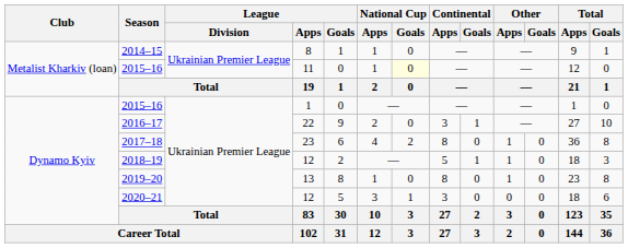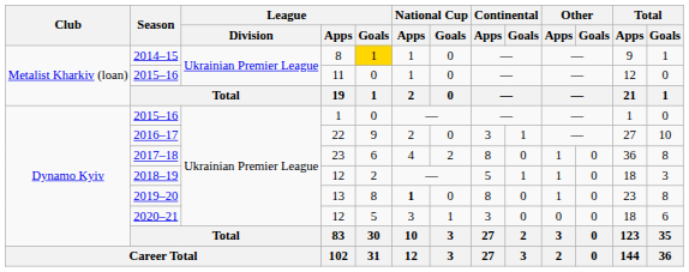 <table class="wikitable" style="text-align: center">
 <tr>
 <th rowspan="2">Club</th>
 <th rowspan="2">Season</th>
 <th colspan="3">League</th>
 <th colspan="2">National Cup</th>
 <th colspan="2">Continental</th>
 <th colspan="2">Other</th>
 <th colspan="2">Total</th>
 </tr>
 <tr>
 <th>Division</th>
 <th>Apps</th>
 <th>Goals</th>
 <th>Apps</th>
 <th>Goals</th>
 <th>Apps</th>
 <th>Goals</th>
 <th>Apps</th>
 <th>Goals</th>
 <th>Apps</th>
 <th>Goals</th>
 </tr>
 <tr>
 <td rowspan="3"><a href='#'>Metalist Kharkiv</a> (loan)</td>
 <td><a href='#'>2014–15</a></td>
 <td rowspan="2"><a href='#'>Ukrainian Premier League</a></td>
 <td>8</td>
-<td>1</td>
+<td style="background: gold;">1</td>
 <td>1</td>
 <td>0</td>
 <td colspan="2">—</td>
 <td colspan="2">—</td>
 <td>9</td>
 <td>1</td>
 </tr>
 <tr>
 <td><a href='#'>2015–16</a></td>
 <td>11</td>
 <td>0</td>
 <td>1</td>
-<td style="background: lightyellow;">0</td>
+<td>0</td>
 <td colspan="2">—</td>
 <td colspan="2">—</td>
 <td>12</td>
 <td>0</td>
 </tr>
 <tr>
 <th colspan="2">Total</th>
 <th>19</th>
 <th>1</th>
 <th>2</th>
 <th>0</th>
 <th colspan="2">—</th>
 <th colspan="2">—</th>
 <th>21</th>
 <th>1</th>
 </tr>
 <tr>
 <td rowspan="7"><a href='#'>Dynamo Kyiv</a></td>
 <td><a href='#'>2015–16</a></td>
 <td rowspan="6">Ukrainian Premier League</td>
 <td>1</td>
 <td>0</td>
 <td colspan="2">—</td>
 <td colspan="2">—</td>
 <td colspan="2">—</td>
 <td>1</td>
 <td>0</td>
 </tr>
 <tr>
 <td><a href='#'>2016–17</a></td>
 <td>22</td>
 <td>9</td>
 <td>2</td>
 <td>0</td>
 <td>3</td>
 <td>1</td>
 <td colspan="2">—</td>
 <td>27</td>
 <td>10</td>
 </tr>
 <tr>
 <td><a href='#'>2017–18</a></td>
 <td>23</td>
 <td>6</td>
 <td>4</td>
 <td>2</td>
 <td>8</td>
 <td>0</td>
 <td>1</td>
 <td>0</td>
 <td>36</td>
 <td>8</td>
 </tr>
 <tr>
 <td><a href='#'>2018–19</a></td>
 <td>12</td>
 <td>2</td>
 <td colspan="2">—</td>
 <td>5</td>
 <td>1</td>
 <td>1</td>
 <td>0</td>
 <td>18</td>
 <td>3</td>
 </tr>
 <tr>
 <td><a href='#'>2019–20</a></td>
 <td>13</td>
 <td>8</td>
-<td>1</td>
+<td><strong>1</strong></td>
 <td>0</td>
 <td>8</td>
 <td>0</td>
 <td>1</td>
 <td>0</td>
 <td>23</td>
 <td>8</td>
 </tr>
 <tr>
 <td><a href='#'>2020–21</a></td>
 <td>12</td>
 <td>5</td>
 <td>3</td>
 <td>1</td>
 <td>3</td>
 <td>0</td>
 <td>0</td>
 <td>0</td>
 <td>18</td>
 <td>6</td>
 </tr>
 <tr>
 <th colspan="2">Total</th>
 <th>83</th>
 <th>30</th>
 <th>10</th>
 <th>3</th>
 <th>27</th>
 <th>2</th>
 <th>3</th>
 <th>0</th>
 <th>123</th>
 <th>35</th>
 </tr>
 <tr>
 <th colspan="3">Career Total</th>
 <th>102</th>
 <th>31</th>
 <th>12</th>
 <th>3</th>
 <th>27</th>
 <th>3</th>
 <th>2</th>
 <th>0</th>
 <th>144</th>
 <th>36</th>
 </tr>
 </table>
